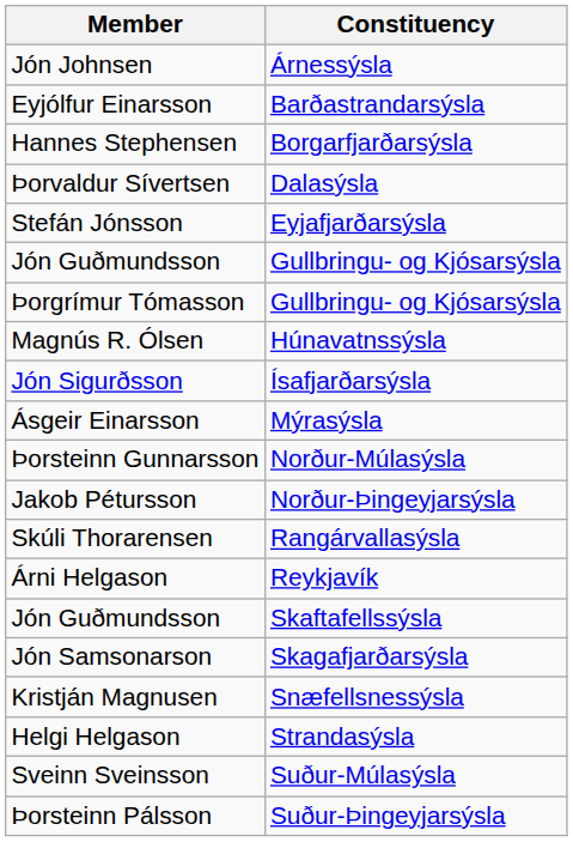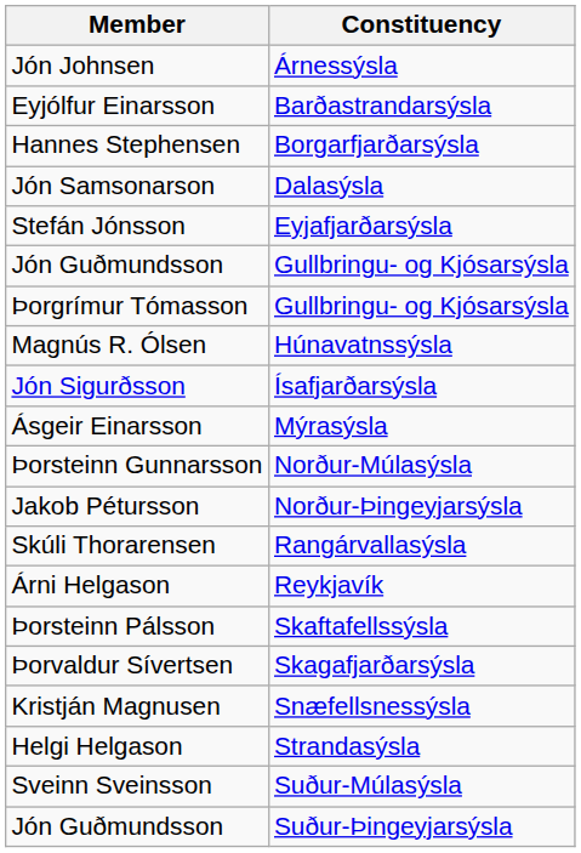 <table class=wikitable>
 <tr>
 <th>Member</th>
 <th>Constituency</th>
 </tr>
 <tr>
 <td>Jón Johnsen</td>
 <td><a href='#'>Árnessýsla</a></td>
 </tr>
 <tr>
 <td>Eyjólfur Einarsson</td>
 <td><a href='#'>Barðastrandarsýsla</a></td>
 </tr>
 <tr>
 <td>Hannes Stephensen</td>
 <td><a href='#'>Borgarfjarðarsýsla</a></td>
 </tr>
 <tr>
-<td>Þorvaldur Sívertsen</td>
+<td>Jón Samsonarson</td>
 <td><a href='#'>Dalasýsla</a></td>
 </tr>
 <tr>
 <td>Stefán Jónsson</td>
 <td><a href='#'>Eyjafjarðarsýsla</a></td>
 </tr>
 <tr>
 <td>Jón Guðmundsson</td>
 <td><a href='#'>Gullbringu- og Kjósarsýsla</a></td>
 </tr>
 <tr>
 <td>Þorgrímur Tómasson</td>
 <td><a href='#'>Gullbringu- og Kjósarsýsla</a></td>
 </tr>
 <tr>
 <td>Magnús R. Ólsen</td>
 <td><a href='#'>Húnavatnssýsla</a></td>
 </tr>
 <tr>
 <td><a href='#'>Jón Sigurðsson</a></td>
 <td><a href='#'>Ísafjarðarsýsla</a></td>
 </tr>
 <tr>
 <td>Ásgeir Einarsson</td>
 <td><a href='#'>Mýrasýsla</a></td>
 </tr>
 <tr>
 <td>Þorsteinn Gunnarsson</td>
 <td><a href='#'>Norður-Múlasýsla</a></td>
 </tr>
 <tr>
 <td>Jakob Pétursson</td>
 <td><a href='#'>Norður-Þingeyjarsýsla</a></td>
 </tr>
 <tr>
 <td>Skúli Thorarensen</td>
 <td><a href='#'>Rangárvallasýsla</a></td>
 </tr>
 <tr>
 <td>Árni Helgason</td>
 <td><a href='#'>Reykjavík</a></td>
 </tr>
 <tr>
-<td>Jón Guðmundsson</td>
+<td>Þorsteinn Pálsson</td>
 <td><a href='#'>Skaftafellssýsla</a></td>
 </tr>
 <tr>
-<td>Jón Samsonarson</td>
+<td>Þorvaldur Sívertsen</td>
 <td><a href='#'>Skagafjarðarsýsla</a></td>
 </tr>
 <tr>
 <td>Kristján Magnusen</td>
 <td><a href='#'>Snæfellsnessýsla</a></td>
 </tr>
 <tr>
 <td>Helgi Helgason</td>
 <td><a href='#'>Strandasýsla</a></td>
 </tr>
 <tr>
 <td>Sveinn Sveinsson</td>
 <td><a href='#'>Suður-Múlasýsla</a></td>
 </tr>
 <tr>
-<td>Þorsteinn Pálsson</td>
+<td>Jón Guðmundsson</td>
 <td><a href='#'>Suður-Þingeyjarsýsla</a></td>
 </tr>
 </table>
